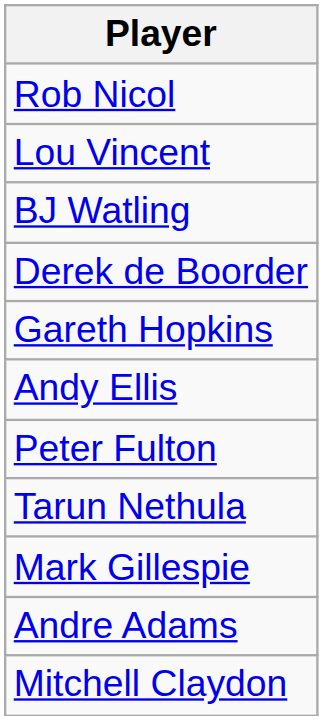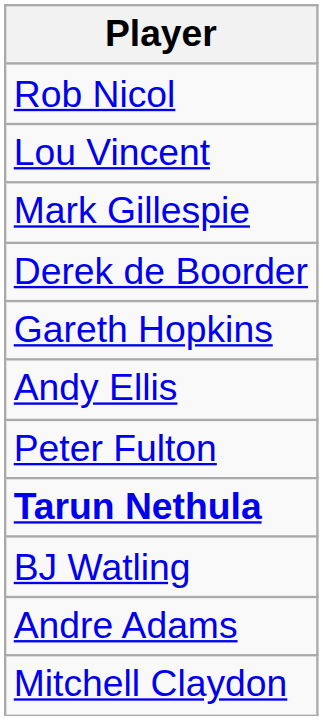 <table class="wikitable">
 <tr>
 <th>Player</th>
 </tr>
 <tr>
 <td><a href='#'>Rob Nicol</a></td>
 </tr>
 <tr>
 <td><a href='#'>Lou Vincent</a></td>
 </tr>
 <tr>
-<td><a href='#'>BJ Watling</a></td>
+<td><a href='#'>Mark Gillespie</a></td>
 </tr>
 <tr>
 <td><a href='#'>Derek de Boorder</a></td>
 </tr>
 <tr>
 <td><a href='#'>Gareth Hopkins</a></td>
 </tr>
 <tr>
 <td><a href='#'>Andy Ellis</a></td>
 </tr>
 <tr>
 <td><a href='#'>Peter Fulton</a></td>
 </tr>
 <tr>
-<td><a href='#'>Tarun Nethula</a></td>
+<td><strong><a href='#'>Tarun Nethula</a></strong></td>
 </tr>
 <tr>
-<td><a href='#'>Mark Gillespie</a></td>
+<td><a href='#'>BJ Watling</a></td>
 </tr>
 <tr>
 <td><a href='#'>Andre Adams</a></td>
 </tr>
 <tr>
 <td><a href='#'>Mitchell Claydon</a></td>
 </tr>
 </table>
